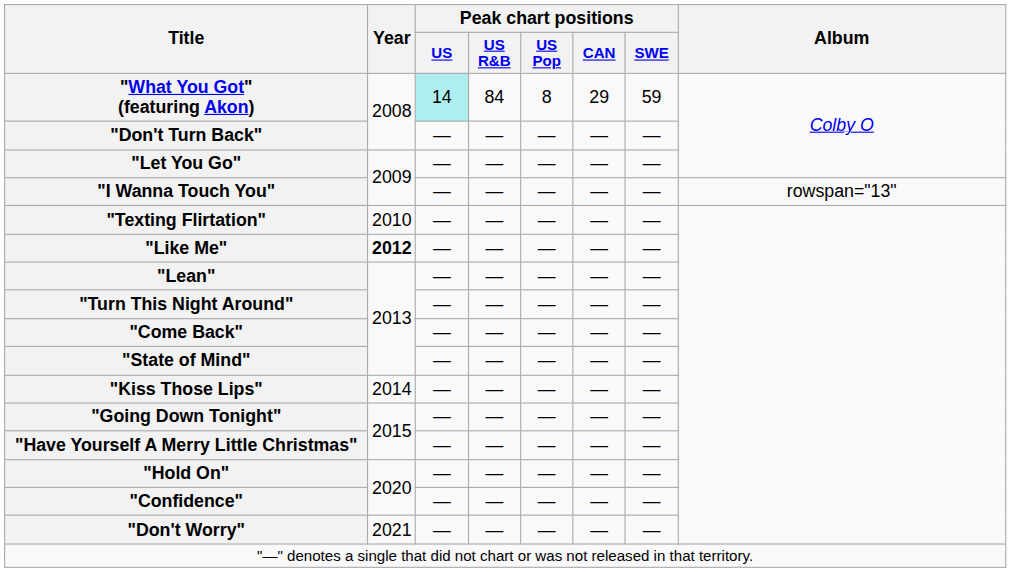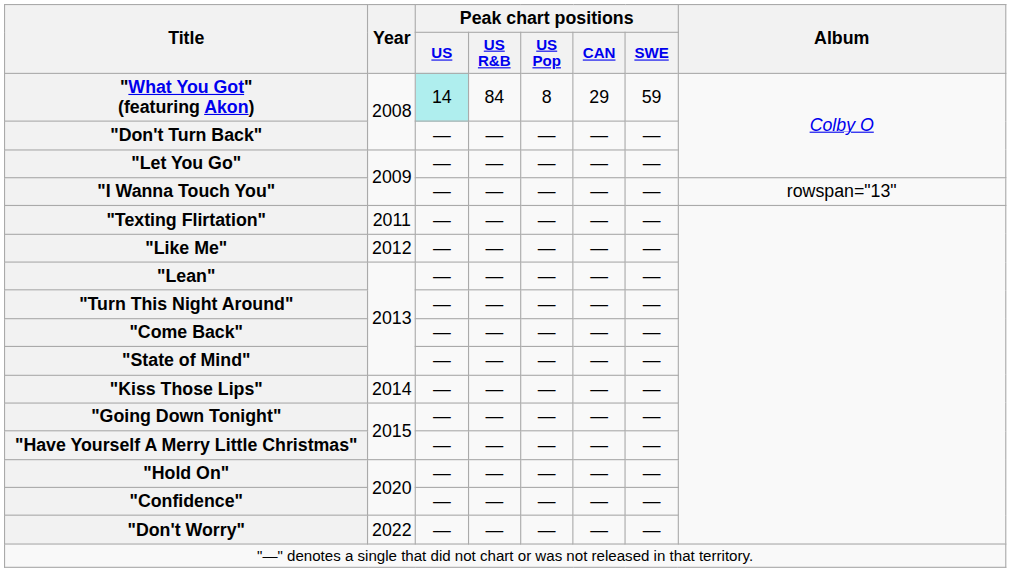 <table class="wikitable plainrowheaders" style="text-align:center;" border="1">
 <tr>
 <th scope="col" rowspan="2" style="width:20em;">Title</th>
 <th scope="col" rowspan="2" style="width:1em;">Year</th>
 <th scope="col" colspan="5">Peak chart positions</th>
 <th scope="col" rowspan="2" style="width:18em;">Album</th>
 </tr>
 <tr>
 <th scope="col" style="width:3em; font-size:85%;"><a href='#'>US</a><br></th>
 <th scope="col" style="width:3em; font-size:85%;"><a href='#'>US R&B</a></th>
 <th scope="col" style="width:3em; font-size:85%;"><a href='#'>US<br>Pop</a><br></th>
 <th scope="col" style="width:3em; font-size:85%;"><a href='#'>CAN</a><br></th>
 <th scope="col" style="width:3em; font-size:85%;"><a href='#'>SWE</a><br></th>
 </tr>
 <tr>
 <th scope="row">"<a href='#'>What You Got</a>"<br><span>(featuring <a href='#'>Akon</a>)</span></th>
 <td rowspan="2">2008</td>
 <td style="background: paleturquoise;">14</td>
 <td>84</td>
 <td>8</td>
 <td>29</td>
 <td>59</td>
 <td rowspan="3"><em><a href='#'>Colby O</a></em></td>
 </tr>
 <tr>
 <th scope="row">"Don't Turn Back"</th>
 <td>—</td>
 <td>—</td>
 <td>—</td>
 <td>—</td>
 <td>—</td>
 </tr>
 <tr>
 <th scope="row">"Let You Go"</th>
 <td rowspan="2">2009</td>
 <td>—</td>
 <td>—</td>
 <td>—</td>
 <td>—</td>
 <td>—</td>
 </tr>
 <tr>
 <th scope="row">"I Wanna Touch You"</th>
 <td>—</td>
 <td>—</td>
 <td>—</td>
 <td>—</td>
 <td>—</td>
 <td>rowspan="13" </td>
 </tr>
 <tr>
 <th scope="row">"Texting Flirtation"</th>
-<td>2010</td>
+<td>2011</td>
 <td>—</td>
 <td>—</td>
 <td>—</td>
 <td>—</td>
 <td>—</td>
 </tr>
 <tr>
 <th scope="row">"Like Me"</th>
-<td><strong>2012</strong></td>
+<td>2012</td>
 <td>—</td>
 <td>—</td>
 <td>—</td>
 <td>—</td>
 <td>—</td>
 </tr>
 <tr>
 <th scope="row">"Lean"</th>
 <td rowspan="4">2013</td>
 <td>—</td>
 <td>—</td>
 <td>—</td>
 <td>—</td>
 <td>—</td>
 </tr>
 <tr>
 <th scope="row">"Turn This Night Around"</th>
 <td>—</td>
 <td>—</td>
 <td>—</td>
 <td>—</td>
 <td>—</td>
 </tr>
 <tr>
 <th scope="row">"Come Back"</th>
 <td>—</td>
 <td>—</td>
 <td>—</td>
 <td>—</td>
 <td>—</td>
 </tr>
 <tr>
 <th scope="row">"State of Mind"</th>
 <td>—</td>
 <td>—</td>
 <td>—</td>
 <td>—</td>
 <td>—</td>
 </tr>
 <tr>
 <th scope="row">"Kiss Those Lips"</th>
 <td>2014</td>
 <td>—</td>
 <td>—</td>
 <td>—</td>
 <td>—</td>
 <td>—</td>
 </tr>
 <tr>
 <th scope="row">"Going Down Tonight"</th>
 <td rowspan="2">2015</td>
 <td>—</td>
 <td>—</td>
 <td>—</td>
 <td>—</td>
 <td>—</td>
 </tr>
 <tr>
 <th scope="row">"Have Yourself A Merry Little Christmas"</th>
 <td>—</td>
 <td>—</td>
 <td>—</td>
 <td>—</td>
 <td>—</td>
 </tr>
 <tr>
 <th scope="row">"Hold On"</th>
 <td rowspan="2">2020</td>
 <td>—</td>
 <td>—</td>
 <td>—</td>
 <td>—</td>
 <td>—</td>
 </tr>
 <tr>
 <th scope="row">"Confidence"</th>
 <td>—</td>
 <td>—</td>
 <td>—</td>
 <td>—</td>
 <td>—</td>
 </tr>
 <tr>
 <th scope="row">"Don't Worry"</th>
-<td>2021</td>
+<td>2022</td>
 <td>—</td>
 <td>—</td>
 <td>—</td>
 <td>—</td>
 <td>—</td>
 </tr>
 <tr>
 <td colspan="8" style="font-size:85%">"—" denotes a single that did not chart or was not released in that territory.</td>
 </tr>
 </table>
